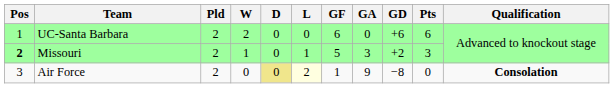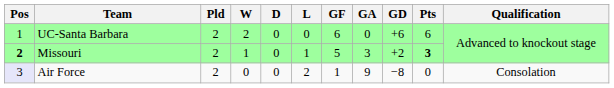 <table class="wikitable" style="text-align:center; margin: 1em auto">
 <tr>
 <th style="width:2em">Pos</th>
 <th style="width:13em">Team</th>
 <th style="width:2em">Pld</th>
 <th style="width:2em">W</th>
 <th style="width:2em">D</th>
 <th style="width:2em">L</th>
 <th style="width:2em">GF</th>
 <th style="width:2em">GA</th>
 <th style="width:2em">GD</th>
 <th style="width:2em">Pts</th>
 <th style="width:13em">Qualification</th>
 </tr>
 <tr bgcolor="#9eff9e">
 <td>1</td>
 <td style="text-align:left">UC-Santa Barbara</td>
 <td>2</td>
 <td>2</td>
 <td>0</td>
 <td>0</td>
 <td>6</td>
 <td>0</td>
 <td>+6</td>
 <td>6</td>
 <td rowspan="2">Advanced to knockout stage</td>
 </tr>
 <tr bgcolor="#9eff9e">
 <td><strong>2</strong></td>
 <td style="text-align:left">Missouri</td>
 <td>2</td>
 <td>1</td>
 <td>0</td>
 <td>1</td>
 <td>5</td>
 <td>3</td>
 <td>+2</td>
-<td>3</td>
+<td><strong>3</strong></td>
 </tr>
 <tr>
-<td>3</td>
+<td style="background: lavender;">3</td>
 <td style="text-align:left">Air Force</td>
 <td>2</td>
 <td>0</td>
-<td style="background: khaki;">0</td>
-<td style="background: lightyellow;">2</td>
+<td>0</td>
+<td>2</td>
 <td>1</td>
 <td>9</td>
 <td>−8</td>
 <td>0</td>
-<td><strong>Consolation</strong></td>
+<td>Consolation</td>
 </tr>
 </table>
